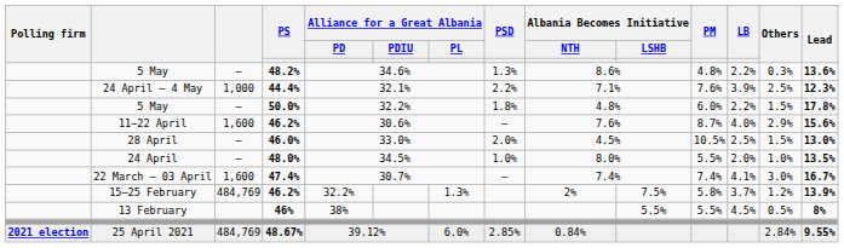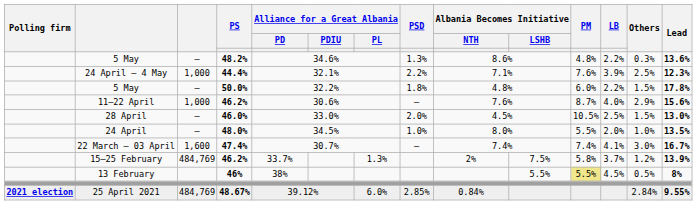 <table class="wikitable sortable tpl-blanktablele" style="text-align:center;font-size:90%;line-height:14px;">
 <tr style="height:40px;">
 <th rowspan="3">Polling firm</th>
 <th rowspan="3"></th>
 <th rowspan="3"></th>
 <th class="unsortable" style="width:40px;" rowspan=2><a href='#'>PS</a></th>
 <th colspan=3><a href='#'>Alliance for a Great Albania</a></th>
 <th class="unsortable" style="width:40px;" rowspan=2><a href='#'>PSD</a></th>
 <th colspan=2>Albania Becomes Initiative</th>
 <th rowspan="2" class="unsortable" style="width:30px;"><a href='#'>PM</a></th>
 <th rowspan="2" class="unsortable" style="width:30px;"><a href='#'>LB</a></th>
 <th class="unsortable" style="width:30px;"  rowspan=3>Others</th>
 <th style="width:30px;" rowspan=3><br>Lead</th>
 </tr>
 <tr>
 <th><a href='#'>PD</a></th>
 <th><a href='#'>PDIU</a></th>
 <th><a href='#'>PL</a></th>
 <th><a href='#'>NTH</a></th>
 <th><a href='#'>LSHB</a></th>
 </tr>
 <tr>
 <th style="background:"></th>
 <th style="background:"></th>
 <th style="background:"></th>
 <th style="background:"></th>
 <th style="background:"></th>
 <th style="background:"></th>
 <th style="background:"></th>
 <th style="background:"></th>
 <th style="background:"></th>
 </tr>
 <tr>
 <td></td>
 <td>5 May</td>
 <td>–</td>
 <td><strong>48.2%</strong><br> </td>
 <td colspan="3">34.6%<br> </td>
 <td>1.3%<br> </td>
 <td colspan="2">8.6%<br> </td>
 <td>4.8%<br> </td>
 <td>2.2%<br> </td>
 <td>0.3%</td>
 <td style="background:"><strong>13.6%</strong></td>
 </tr>
 <tr>
 <td></td>
 <td>24 April – 4 May</td>
 <td>1,000</td>
 <td><strong>44.4%</strong><br> </td>
 <td colspan="3">32.1%<br> </td>
 <td>2.2%<br> </td>
 <td colspan="2">7.1%<br> </td>
 <td>7.6%<br> </td>
 <td>3.9%<br> </td>
 <td>2.5%</td>
 <td style="background:"><strong>12.3%</strong></td>
 </tr>
 <tr>
 <td></td>
 <td>5 May</td>
 <td>–</td>
 <td><strong>50.0%</strong></td>
 <td colspan="3">32.2%</td>
 <td>1.8%</td>
 <td colspan="2">4.8%</td>
 <td>6.0%</td>
 <td>2.2%</td>
 <td>1.5%</td>
 <td style="background:"><strong>17.8%</strong></td>
 </tr>
 <tr>
 <td></td>
 <td>11–22 April</td>
-<td>1,600</td>
+<td>1,000</td>
 <td><strong>46.2%</strong><br> </td>
 <td colspan="3">30.6%<br> </td>
 <td>–</td>
 <td colspan="2">7.6%<br></td>
 <td>8.7%<br></td>
 <td>4.0%<br></td>
 <td>2.9%</td>
 <td style="background:"><strong>15.6%</strong></td>
 </tr>
 <tr>
 <td></td>
 <td>28 April</td>
 <td>–</td>
 <td><strong>46.0%</strong><br> </td>
 <td colspan="3">33.0%<br> </td>
 <td>2.0%<br> </td>
 <td colspan="2">4.5%<br> </td>
 <td>10.5%<br> </td>
 <td>2.5%<br> </td>
 <td>1.5%</td>
 <td style="background:"><strong>13.0%</strong></td>
 </tr>
 <tr>
 <td></td>
 <td>24 April</td>
 <td>—</td>
 <td><strong>48.0%</strong> <br></td>
 <td colspan="3">34.5%<br></td>
 <td>1.0%<br></td>
 <td colspan="2">8.0%<br></td>
 <td>5.5%<br></td>
 <td>2.0%<br></td>
 <td>1.0%</td>
 <td style="background:"><strong>13.5%</strong></td>
 </tr>
 <tr>
 <td></td>
 <td>22 March – 03 April</td>
 <td>1,600</td>
 <td><strong>47.4%</strong> <br></td>
 <td colspan="3">30.7%<br></td>
 <td>–</td>
 <td colspan="2">7.4%<br></td>
 <td>7.4%<br></td>
 <td>4.1%<br></td>
 <td>3.0%</td>
 <td style="background:"><strong>16.7%</strong></td>
 </tr>
 <tr>
 <td></td>
 <td>15–25 February</td>
 <td>484,769</td>
 <td><strong>46.2%</strong></td>
-<td>32.2%</td>
+<td>33.7%</td>
 <td></td>
 <td>1.3%</td>
 <td></td>
 <td>2%</td>
 <td>7.5%</td>
 <td>5.8%</td>
 <td>3.7%</td>
 <td>1.2%</td>
 <td style="background:"><strong>13.9%</strong></td>
 </tr>
 <tr>
 <td></td>
 <td>13 February</td>
 <td></td>
 <td><strong>46%</strong><br></td>
 <td>38%<br></td>
 <td></td>
 <td></td>
 <td></td>
 <td></td>
 <td>5.5%<br></td>
-<td>5.5%<br></td>
+<td style="background: khaki;">5.5%<br></td>
 <td>4.5%<br></td>
 <td>0.5%</td>
 <td style="background:"><strong>8%</strong></td>
 </tr>
 <tr>
 <td colspan="14" style="background:#A0A0A0"></td>
 </tr>
 <tr style="background:#EFEFEF">
 <td><strong><a href='#'>2021 election</a></strong></td>
 <td>25 April 2021</td>
 <td>484,769</td>
 <td><strong>48.67%</strong><br></td>
 <td colspan="2">39.12%<br></td>
 <td>6.0%<br></td>
 <td>2.85%<br></td>
 <td>0.84%<br></td>
 <td></td>
 <td></td>
 <td></td>
 <td>2.84%</td>
 <td style="background:"><strong>9.55%</strong></td>
 </tr>
 </table>
